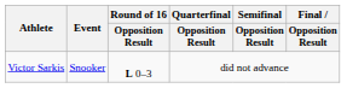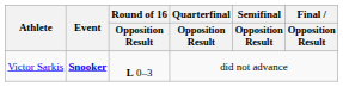 <table class=wikitable style=font-size:90%;text-align:center>
 <tr>
 <th rowspan=2>Athlete</th>
 <th rowspan=2>Event</th>
 <th>Round of 16</th>
 <th>Quarterfinal</th>
 <th>Semifinal</th>
 <th>Final / </th>
 </tr>
 <tr style=font-size:95%>
 <th>Opposition<br>Result</th>
 <th>Opposition<br>Result</th>
 <th>Opposition<br>Result</th>
 <th>Opposition<br>Result</th>
 </tr>
 <tr>
 <td align=left><a href='#'>Victor Sarkis</a></td>
-<td align=left><a href='#'>Snooker</a></td>
+<td align=left><strong><a href='#'>Snooker</a></strong></td>
 <td><br><strong>L</strong> 0–3</td>
 <td colspan=4>did not advance</td>
 </tr>
 </table>
